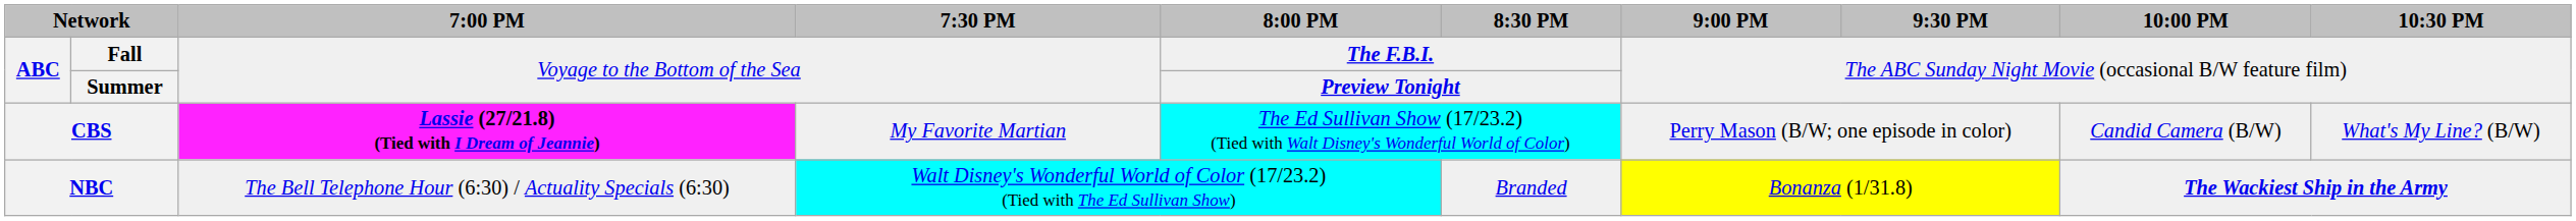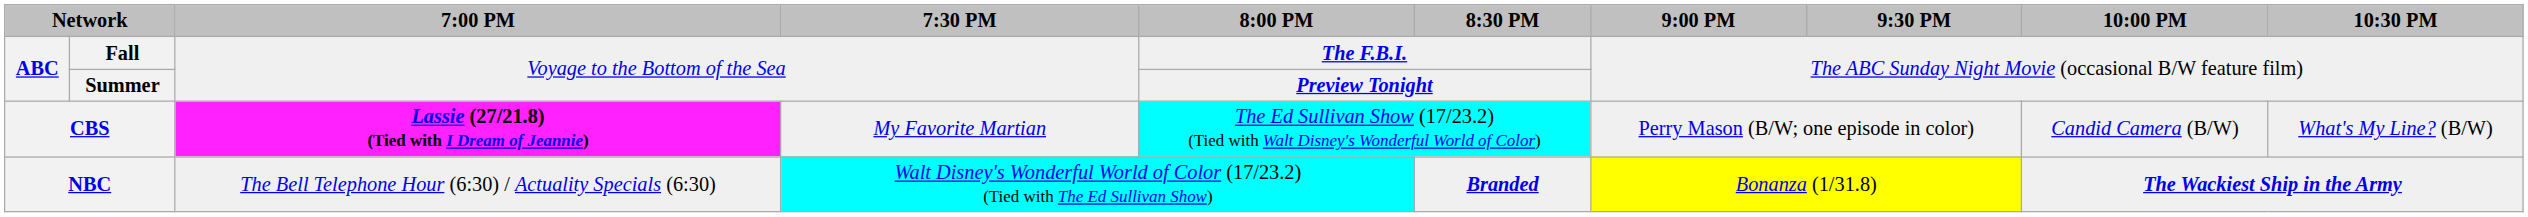 <table class="wikitable" style="width:100%;margin-right:0;text-align:center">
 <tr>
 <th style="background-color:#C0C0C0;text-align:center" colspan="2">Network</th>
 <th style="background-color:#C0C0C0;text-align:center">7:00 PM</th>
 <th style="background-color:#C0C0C0;text-align:center">7:30 PM</th>
 <th style="background-color:#C0C0C0;text-align:center">8:00 PM</th>
 <th style="background-color:#C0C0C0;text-align:center">8:30 PM</th>
 <th style="background-color:#C0C0C0;text-align:center">9:00 PM</th>
 <th style="background-color:#C0C0C0;text-align:center">9:30 PM</th>
 <th style="background-color:#C0C0C0;text-align:center">10:00 PM</th>
 <th style="background-color:#C0C0C0;text-align:center">10:30 PM</th>
 </tr>
 <tr>
 <th rowspan="2"><a href='#'>ABC</a></th>
 <th>Fall</th>
 <td bgcolor="#F0F0F0" colspan="2" rowspan="2"><em><a href='#'>Voyage to the Bottom of the Sea</a></em></td>
 <td bgcolor="#F0F0F0" colspan="2"><strong><em><a href='#'>The F.B.I.</a></em></strong></td>
 <td bgcolor="#F0F0F0" colspan="4" rowspan="2"><em><a href='#'>The ABC Sunday Night Movie</a></em> (occasional B/W feature film)</td>
 </tr>
 <tr>
 <th>Summer</th>
 <td bgcolor="#F0F0F0" colspan="2"><strong><em><a href='#'>Preview Tonight</a></em></strong></td>
 </tr>
 <tr>
 <th colspan="2"><a href='#'>CBS</a></th>
 <td bgcolor="#FF22FF"><strong><em><a href='#'>Lassie</a></em> (27/21.8)<br><small>(Tied with <em><a href='#'>I Dream of Jeannie</a></em>)</small></strong></td>
 <td bgcolor="#F0F0F0"><em><a href='#'>My Favorite Martian</a></em></td>
 <td bgcolor="#00FFFF" colspan="2"><em><a href='#'>The Ed Sullivan Show</a></em> (17/23.2)<br><small>(Tied with <em><a href='#'>Walt Disney's Wonderful World of Color</a></em>)</small></td>
 <td bgcolor="#F0F0F0" colspan="2"><em><a href='#'></em>Perry Mason<em></a></em> (B/W; one episode in color)</td>
 <td bgcolor="#F0F0F0"><em><a href='#'>Candid Camera</a></em> (B/W)</td>
 <td bgcolor="#F0F0F0"><em><a href='#'>What's My Line?</a></em> (B/W)</td>
 </tr>
 <tr>
 <th colspan="2"><a href='#'>NBC</a></th>
 <td bgcolor="#F0F0F0"><em><a href='#'>The Bell Telephone Hour</a></em> (6:30) / <em><a href='#'>Actuality Specials</a></em> (6:30)</td>
 <td bgcolor="#00FFFF" colspan="2"><em><a href='#'>Walt Disney's Wonderful World of Color</a></em> (17/23.2)<br><small>(Tied with <em><a href='#'>The Ed Sullivan Show</a></em>)</small></td>
-<td bgcolor="#F0F0F0"><em><a href='#'>Branded</a></em></td>
+<td bgcolor="#F0F0F0"><strong><em><a href='#'>Branded</a></em></strong></td>
 <td bgcolor="#FFFF00" colspan="2"><em><a href='#'>Bonanza</a></em> (1/31.8)</td>
 <td bgcolor="#F0F0F0" colspan="2"><strong><em><a href='#'>The Wackiest Ship in the Army</a></em></strong></td>
 </tr>
 </table>
